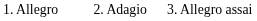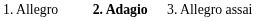 <table>
 <tr>
 <td colspan="3"></td>
 </tr>
 <tr>
 <td style="width: 33%; text-align: center;">1. Allegro</td>
-<td style="width: 33%; text-align: center;">2. Adagio</td>
+<td style="width: 33%; text-align: center;"><strong>2. Adagio</strong></td>
 <td style="width: 33%; text-align: center;">3. Allegro assai</td>
 </tr>
 </table>
